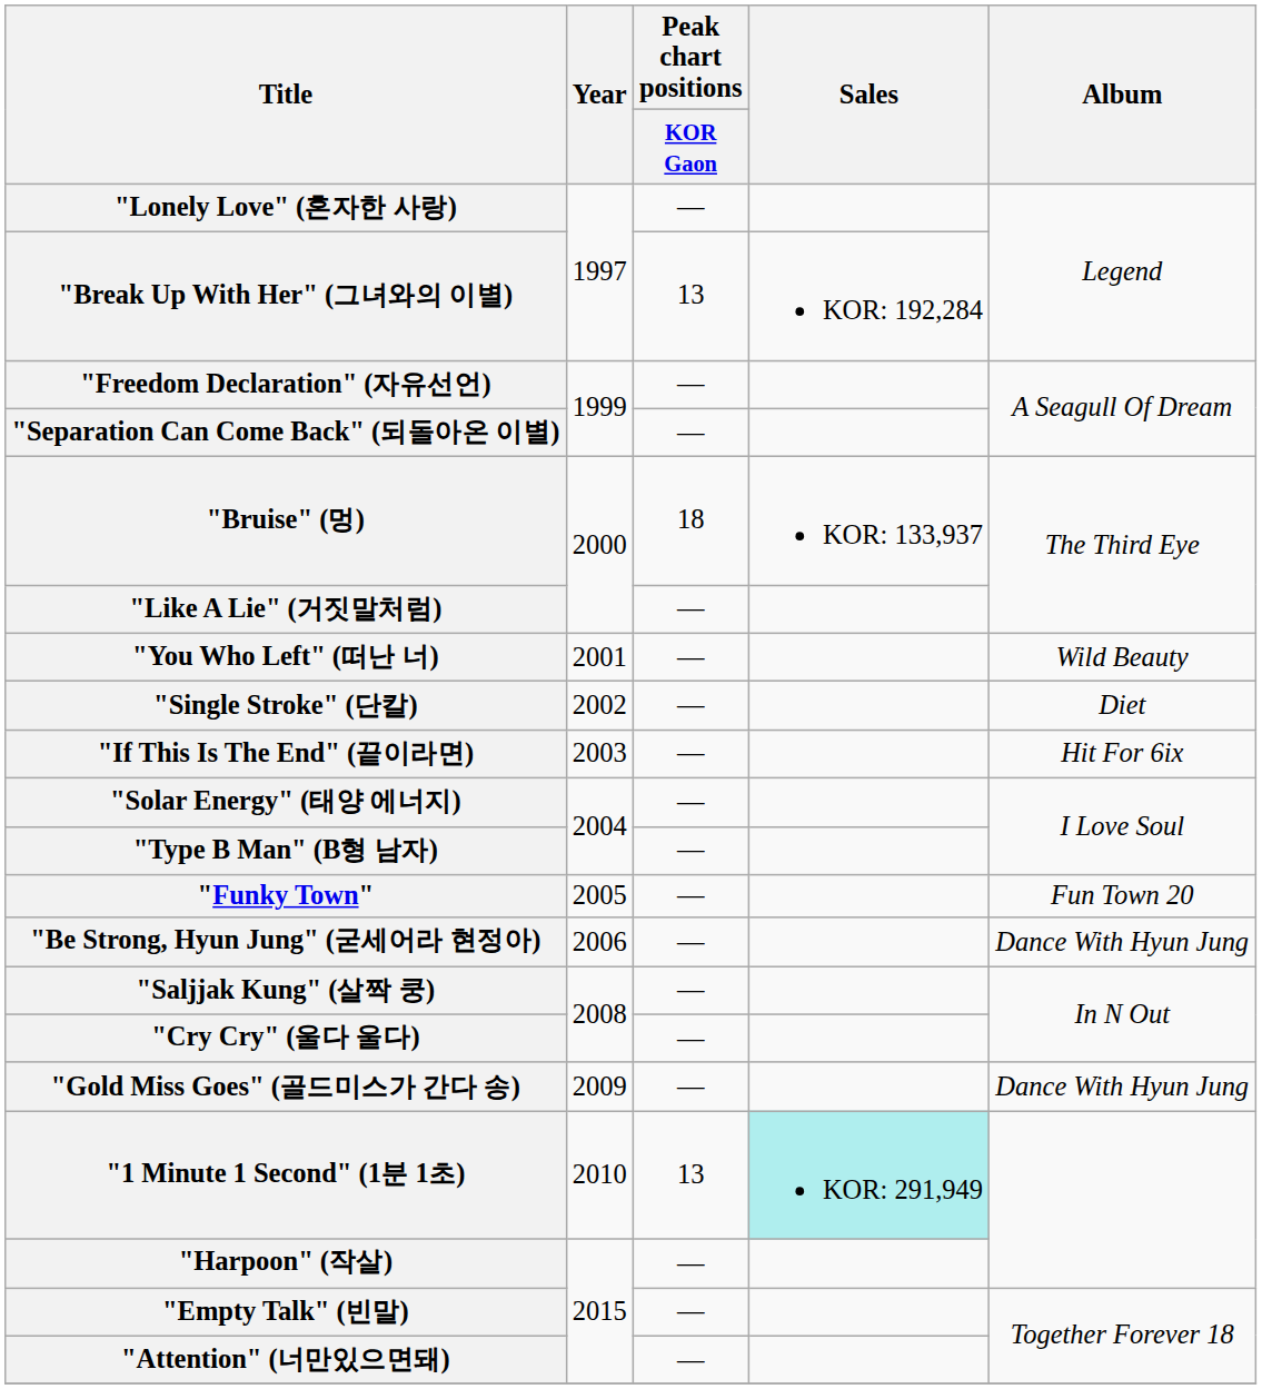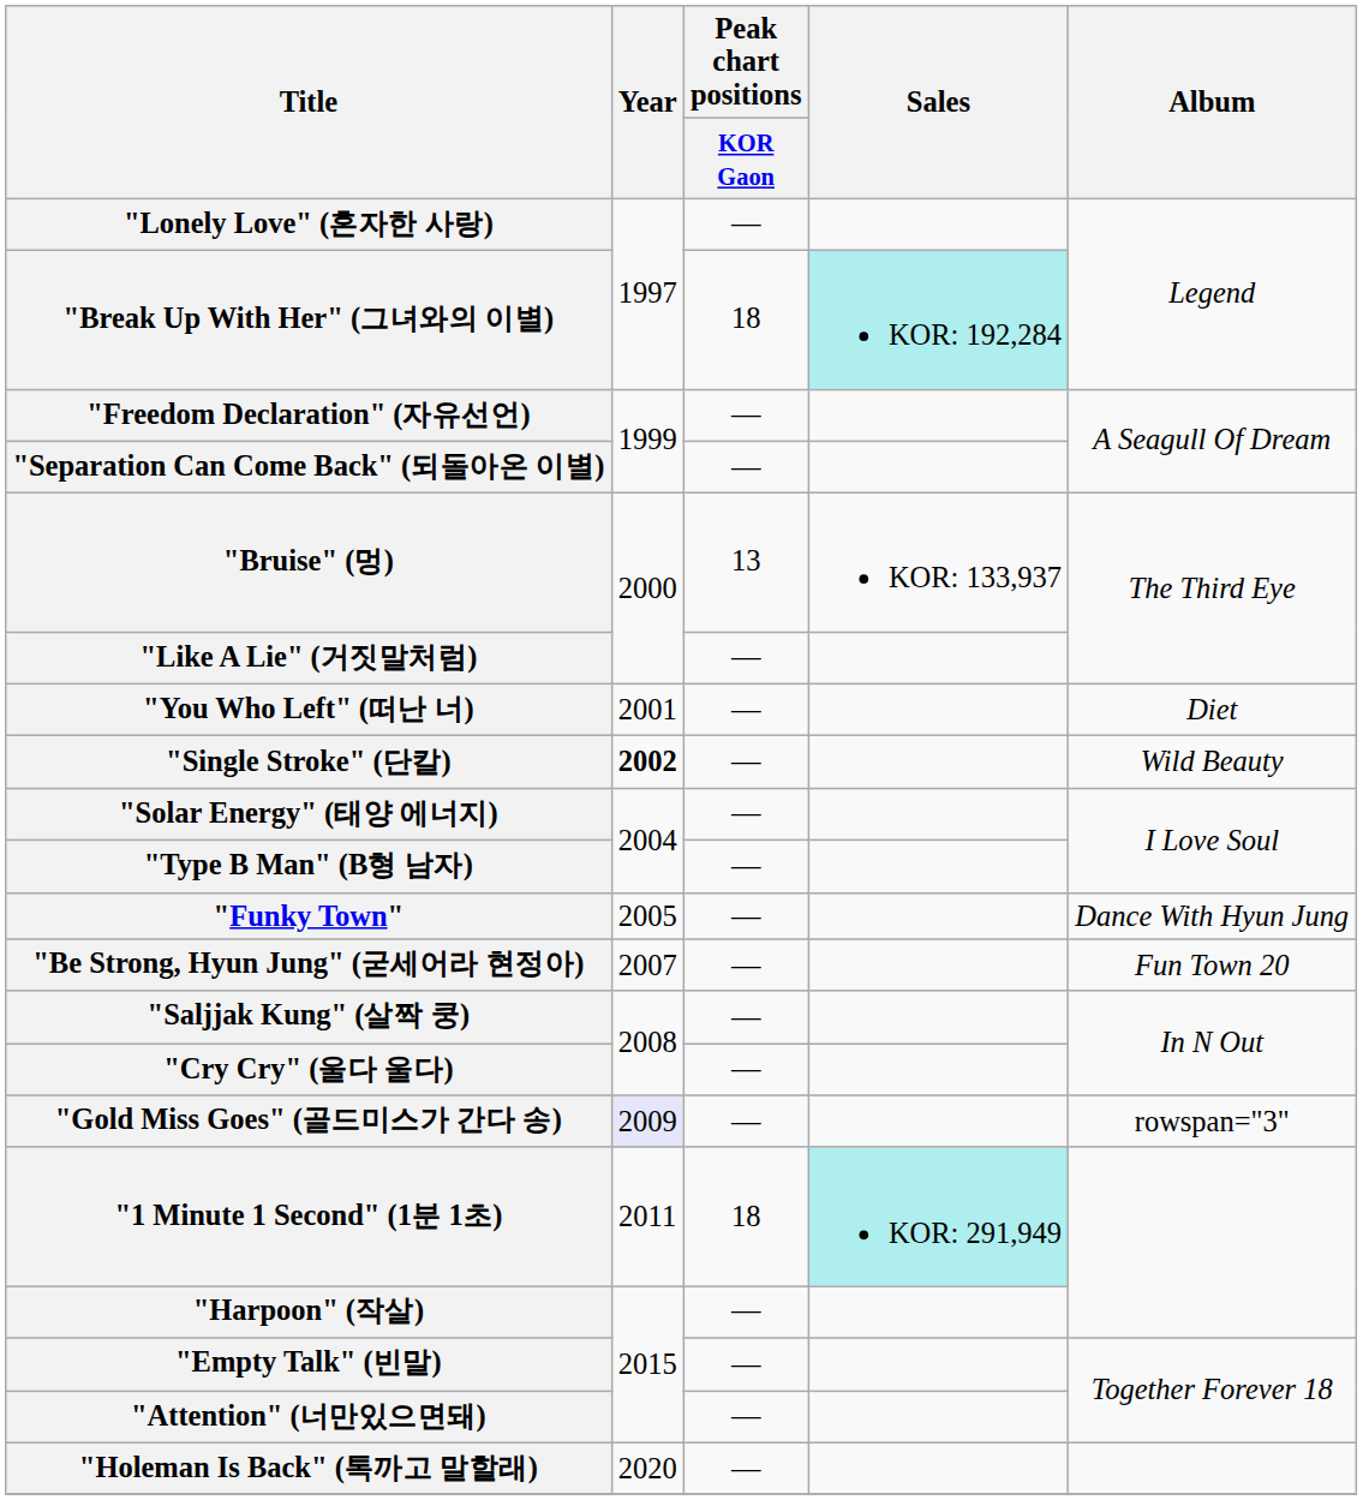 <table class="wikitable plainrowheaders" style="text-align:center;">
 <tr>
 <th scope="col" rowspan="2">Title</th>
 <th scope="col" rowspan="2">Year</th>
 <th colspan="1" scope="col">Peak chart positions</th>
 <th scope="col" rowspan="2">Sales</th>
 <th scope="col" rowspan="2">Album</th>
 </tr>
 <tr>
 <th style="width:3em"><small><a href='#'>KOR<br>Gaon</a></small><br></th>
 </tr>
 <tr>
 <th scope="row">"Lonely Love" (혼자한 사랑)</th>
 <td rowspan="2">1997</td>
 <td>—</td>
 <td></td>
 <td rowspan="2"><em>Legend</em></td>
 </tr>
 <tr>
 <th scope="row">"Break Up With Her" (그녀와의 이별)</th>
-<td>13</td>
-<td><br><ul><li>KOR: 192,284</li></ul></td>
+<td>18</td>
+<td style="background: paleturquoise;"><br><ul><li>KOR: 192,284</li></ul></td>
 </tr>
 <tr>
 <th scope="row">"Freedom Declaration" (자유선언)</th>
 <td rowspan="2">1999</td>
 <td>—</td>
 <td></td>
 <td rowspan="2"><em>A Seagull Of Dream</em></td>
 </tr>
 <tr>
 <th scope="row">"Separation Can Come Back" (되돌아온 이별)</th>
 <td>—</td>
 <td></td>
 </tr>
 <tr>
 <th scope="row">"Bruise" (멍)</th>
 <td rowspan="2">2000</td>
-<td>18</td>
+<td>13</td>
 <td><br><ul><li>KOR: 133,937</li></ul></td>
 <td rowspan="2"><em>The Third Eye</em></td>
 </tr>
 <tr>
 <th scope="row">"Like A Lie" (거짓말처럼)</th>
 <td>—</td>
 <td></td>
 </tr>
 <tr>
 <th scope="row">"You Who Left" (떠난 너)</th>
 <td>2001</td>
 <td>—</td>
 <td></td>
-<td><em>Wild Beauty</em></td>
+<td><em>Diet</em></td>
 </tr>
 <tr>
 <th scope="row">"Single Stroke" (단칼)</th>
-<td>2002</td>
+<td><strong>2002</strong></td>
 <td>—</td>
 <td></td>
-<td><em>Diet</em></td>
-</tr>
-<tr>
-<th scope="row">"If This Is The End" (끝이라면)</th>
-<td>2003</td>
-<td>—</td>
-<td></td>
-<td><em>Hit For 6ix</em></td>
+<td><em>Wild Beauty</em></td>
 </tr>
 <tr>
 <th scope="row">"Solar Energy" (태양 에너지)</th>
 <td rowspan="2">2004</td>
 <td>—</td>
 <td></td>
 <td rowspan="2"><em>I Love Soul</em></td>
 </tr>
 <tr>
 <th scope="row">"Type B Man" (B형 남자)</th>
 <td>—</td>
 <td></td>
 </tr>
 <tr>
 <th scope="row">"<a href='#'>Funky Town</a>" </th>
 <td>2005</td>
 <td>—</td>
 <td></td>
-<td><em>Fun Town 20</em></td>
+<td><em>Dance With Hyun Jung</em></td>
 </tr>
 <tr>
 <th scope="row">"Be Strong, Hyun Jung" (굳세어라 현정아)</th>
-<td>2006</td>
+<td>2007</td>
 <td>—</td>
 <td></td>
-<td><em>Dance With Hyun Jung</em></td>
+<td><em>Fun Town 20</em></td>
 </tr>
 <tr>
 <th scope="row">"Saljjak Kung" (살짝 쿵)</th>
 <td rowspan="2">2008</td>
 <td>—</td>
 <td></td>
 <td rowspan="2"><em>In N Out</em></td>
 </tr>
 <tr>
 <th scope="row">"Cry Cry" (울다 울다)</th>
 <td>—</td>
 <td></td>
 </tr>
 <tr>
 <th scope="row">"Gold Miss Goes" (골드미스가 간다 송)</th>
-<td>2009</td>
+<td style="background: lavender;">2009</td>
 <td>—</td>
 <td></td>
-<td><em>Dance With Hyun Jung</em></td>
+<td>rowspan="3" </td>
 </tr>
 <tr>
 <th scope="row">"1 Minute 1 Second" (1분 1초)</th>
-<td>2010</td>
-<td>13</td>
+<td>2011</td>
+<td>18</td>
 <td style="background: paleturquoise;"><br><ul><li>KOR: 291,949</li></ul></td>
 </tr>
 <tr>
 <th scope="row">"Harpoon" (작살) </th>
 <td rowspan="3">2015</td>
 <td>—</td>
 <td></td>
 </tr>
 <tr>
 <th scope="row">"Empty Talk" (빈말)</th>
 <td>—</td>
 <td></td>
 <td rowspan="2"><em>Together Forever 18</em></td>
 </tr>
 <tr>
 <th scope="row">"Attention" (너만있으면돼)</th>
 <td>—</td>
 <td></td>
 </tr>
 <tr>
+<th scope="row">"Holeman Is Back" (톡까고 말할래) </th>
+<td>2020</td>
+<td>—</td>
+<td></td>
+<td></td>
+</tr>
+<tr>
 </tr>
 </table>
